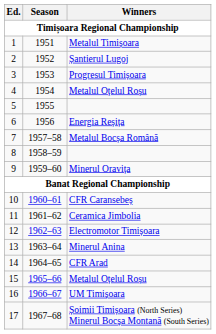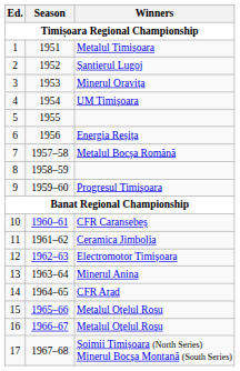 <table class="wikitable" style="font-size:90%">
 <tr>
 <th><abbr>Ed.</abbr></th>
 <th width="60">Season</th>
 <th width="auto">Winners</th>
 </tr>
 <tr>
 <th colspan="3" style="background:#ffffff">Timișoara Regional Championship</th>
 </tr>
 <tr>
 <td align=center>1</td>
 <td align=center>1951</td>
 <td><a href='#'>Metalul Timișoara</a></td>
 </tr>
 <tr>
 <td align=center>2</td>
 <td align=center>1952</td>
 <td><a href='#'>Șantierul Lugoj</a></td>
 </tr>
 <tr>
 <td align=center>3</td>
 <td align=center>1953</td>
-<td><a href='#'>Progresul Timișoara</a></td>
+<td><a href='#'>Minerul Oravița</a></td>
 </tr>
 <tr>
 <td align=center>4</td>
 <td align=center>1954</td>
-<td><a href='#'>Metalul Oțelul Roșu</a></td>
+<td><a href='#'>UM Timișoara</a></td>
 </tr>
 <tr>
 <td align=center>5</td>
 <td align=center>1955</td>
 <td></td>
 </tr>
 <tr>
 <td align=center>6</td>
 <td align=center>1956</td>
 <td><a href='#'>Energia Reșița</a></td>
 </tr>
 <tr>
 <td align=center>7</td>
 <td align=center>1957–58</td>
 <td><a href='#'>Metalul Bocșa Română</a></td>
 </tr>
 <tr>
 <td align=center>8</td>
 <td align=center>1958–59</td>
 <td></td>
 </tr>
 <tr>
 <td align=center>9</td>
 <td align=center>1959–60</td>
-<td><a href='#'>Minerul Oravița</a></td>
+<td><a href='#'>Progresul Timișoara</a></td>
 </tr>
 <tr>
 <th colspan="3" style="background:#ffffff">Banat Regional Championship</th>
 </tr>
 <tr>
 <td align=center>10</td>
 <td align=center><a href='#'>1960–61</a></td>
 <td><a href='#'>CFR Caransebeș</a></td>
 </tr>
 <tr>
 <td align=center>11</td>
 <td align=center>1961–62</td>
 <td><a href='#'>Ceramica Jimbolia</a></td>
 </tr>
 <tr>
 <td align=center>12</td>
 <td align=center><a href='#'>1962–63</a></td>
 <td><a href='#'>Electromotor Timișoara</a></td>
 </tr>
 <tr>
 <td align=center>13</td>
 <td align=center>1963–64</td>
 <td><a href='#'>Minerul Anina</a></td>
 </tr>
 <tr>
 <td align=center>14</td>
 <td align=center>1964–65</td>
 <td><a href='#'>CFR Arad</a></td>
 </tr>
 <tr>
 <td align=center>15</td>
 <td align=center><a href='#'>1965–66</a></td>
 <td><a href='#'>Metalul Oțelul Roșu</a></td>
 </tr>
 <tr>
 <td align=center>16</td>
 <td align=center><a href='#'>1966–67</a></td>
-<td><a href='#'>UM Timișoara</a></td>
+<td><a href='#'>Metalul Oțelul Roșu</a></td>
 </tr>
 <tr>
 <td align=center>17</td>
 <td align=center>1967–68</td>
 <td><a href='#'>Șoimii Timișoara</a> <small>(North Series)</small> <br><a href='#'>Minerul Bocșa Montană</a> <small>(South Series)</small></td>
 </tr>
 </table>
